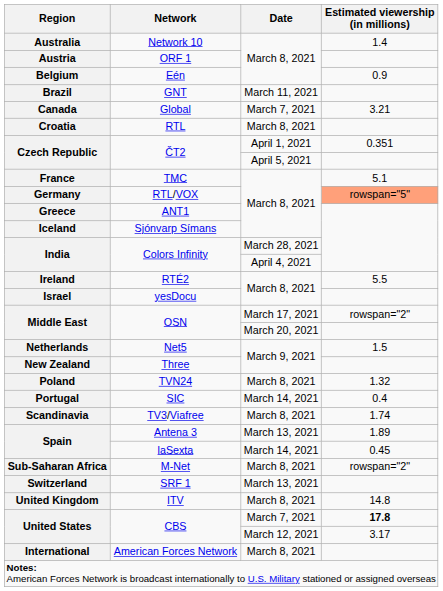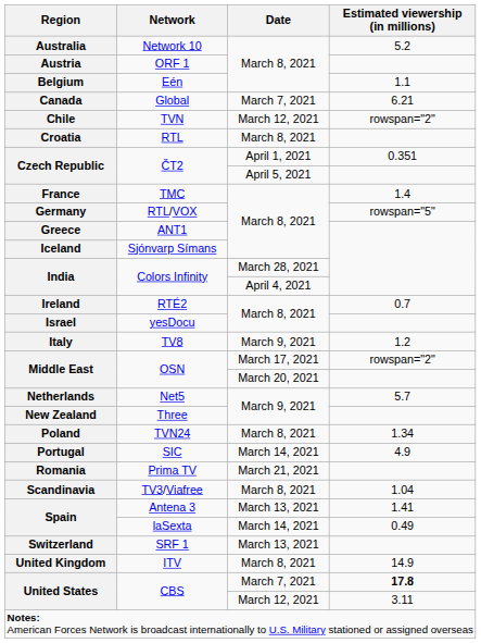 <table class="wikitable sortable plainrowheaders" style="text-align: center;">
 <tr>
 <th scope="col">Region</th>
 <th scope="col" class="unsortable">Network</th>
 <th scope="col">Date</th>
 <th scope="col" data-sort-type="number">Estimated viewership<br>(in millions)</th>
 </tr>
 <tr>
 <th scope="row">Australia</th>
 <td><a href='#'>Network 10</a></td>
 <td rowspan="3">March 8, 2021</td>
-<td>1.4</td>
+<td>5.2</td>
 </tr>
 <tr>
 <th scope="row">Austria</th>
 <td><a href='#'>ORF 1</a></td>
 <td></td>
 </tr>
 <tr>
 <th scope="row">Belgium</th>
 <td><a href='#'>Eén</a></td>
-<td>0.9</td>
-</tr>
-<tr>
-<th scope="row">Brazil</th>
-<td scope="row"><a href='#'>GNT</a></td>
-<td scope="row">March 11, 2021</td>
-<td></td>
+<td>1.1</td>
 </tr>
 <tr>
 <th scope="row">Canada</th>
 <td><a href='#'>Global</a></td>
 <td>March 7, 2021</td>
-<td>3.21</td>
+<td>6.21</td>
+</tr>
+<tr>
+<th scope="row">Chile</th>
+<td><a href='#'>TVN</a></td>
+<td>March 12, 2021</td>
+<td>rowspan="2" </td>
 </tr>
 <tr>
 <th scope="row">Croatia</th>
 <td><a href='#'>RTL</a></td>
 <td>March 8, 2021</td>
 </tr>
 <tr>
 <th rowspan="2" scope="row">Czech Republic</th>
 <td rowspan="2"><a href='#'>ČT2</a></td>
 <td>April 1, 2021</td>
 <td>0.351</td>
 </tr>
 <tr>
 <td>April 5, 2021</td>
 <td></td>
 </tr>
 <tr>
 <th scope="row">France</th>
 <td><a href='#'>TMC</a></td>
 <td rowspan="4">March 8, 2021</td>
-<td>5.1</td>
+<td>1.4</td>
 </tr>
 <tr>
 <th scope="row">Germany</th>
 <td><a href='#'>RTL</a>/<a href='#'>VOX</a></td>
-<td style="background: lightsalmon;">rowspan="5" </td>
+<td>rowspan="5" </td>
 </tr>
 <tr>
 <th scope="row">Greece</th>
 <td><a href='#'>ANT1</a></td>
 </tr>
 <tr>
 <th scope="row">Iceland</th>
 <td><a href='#'>Sjónvarp Símans</a></td>
 </tr>
 <tr>
 <th scope="row" rowspan="2">India</th>
 <td rowspan="2"><a href='#'>Colors Infinity</a></td>
 <td>March 28, 2021</td>
 </tr>
 <tr>
 <td>April 4, 2021</td>
 </tr>
 <tr>
 <th scope="row">Ireland</th>
 <td><a href='#'>RTÉ2</a></td>
 <td rowspan="2">March 8, 2021</td>
-<td>5.5</td>
+<td>0.7</td>
 </tr>
 <tr>
 <th scope="row">Israel</th>
 <td><a href='#'>yesDocu</a></td>
 <td></td>
+</tr>
+<tr>
+<th scope="row">Italy</th>
+<td><a href='#'>TV8</a></td>
+<td>March 9, 2021</td>
+<td>1.2</td>
 </tr>
 <tr>
 <th scope="row" rowspan="2">Middle East</th>
 <td rowspan="2"><a href='#'>OSN</a></td>
 <td>March 17, 2021</td>
 <td>rowspan="2" </td>
 </tr>
 <tr>
 <td>March 20, 2021</td>
 </tr>
 <tr>
 <th scope="row">Netherlands</th>
 <td><a href='#'>Net5</a></td>
 <td rowspan="2">March 9, 2021</td>
-<td>1.5</td>
+<td>5.7</td>
 </tr>
 <tr>
 <th scope="row">New Zealand</th>
 <td><a href='#'>Three</a></td>
 <td></td>
 </tr>
 <tr>
 <th scope="row">Poland</th>
 <td><a href='#'>TVN24</a></td>
 <td rowspan="1">March 8, 2021</td>
-<td>1.32</td>
+<td>1.34</td>
 </tr>
 <tr>
 <th scope="row">Portugal</th>
 <td><a href='#'>SIC</a></td>
 <td>March 14, 2021</td>
-<td>0.4</td>
+<td>4.9</td>
+</tr>
+<tr>
+<th scope="row">Romania</th>
+<td><a href='#'>Prima TV</a></td>
+<td>March 21, 2021</td>
+<td></td>
 </tr>
 <tr>
 <th scope="row">Scandinavia</th>
 <td><a href='#'>TV3</a>/<a href='#'>Viafree</a></td>
 <td>March 8, 2021</td>
-<td>1.74</td>
+<td>1.04</td>
 </tr>
 <tr>
 <th scope="row" rowspan="2">Spain</th>
 <td><a href='#'>Antena 3</a></td>
 <td>March 13, 2021</td>
-<td>1.89</td>
+<td>1.41</td>
 </tr>
 <tr>
 <td><a href='#'>laSexta</a></td>
 <td>March 14, 2021</td>
-<td>0.45</td>
-</tr>
-<tr>
-<th scope="row">Sub-Saharan Africa</th>
-<td><a href='#'>M-Net</a></td>
-<td>March 8, 2021</td>
-<td>rowspan="2" </td>
+<td>0.49</td>
 </tr>
 <tr>
 <th scope="row">Switzerland</th>
 <td><a href='#'>SRF 1</a></td>
 <td>March 13, 2021</td>
 </tr>
 <tr>
 <th scope="row">United Kingdom</th>
 <td><a href='#'>ITV</a></td>
 <td>March 8, 2021</td>
-<td>14.8</td>
+<td>14.9</td>
 </tr>
 <tr>
 <th scope="row" rowspan="2">United States</th>
 <td rowspan="2"><a href='#'>CBS</a></td>
 <td>March 7, 2021</td>
 <td><strong>17.8</strong></td>
 </tr>
 <tr>
 <td>March 12, 2021</td>
-<td>3.17</td>
-</tr>
-<tr>
-<th scope="row">International</th>
-<td><a href='#'>American Forces Network</a></td>
-<td>March 8, 2021</td>
-<td></td>
+<td>3.11</td>
 </tr>
 <tr style="text-align: left; font-size:90%;" class="sortbottom">
 <td colspan="4"><strong>Notes:</strong><br> American Forces Network is broadcast internationally to <a href='#'>U.S. Military</a> stationed or assigned overseas</td>
 </tr>
 </table>
